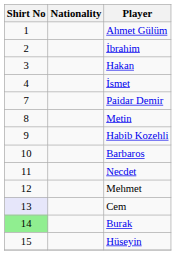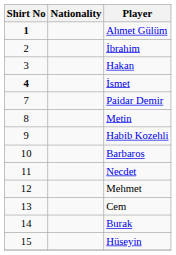 <table class=wikitable style="font-size:95%;">
 <tr>
 <th>Shirt No</th>
 <th>Nationality</th>
 <th>Player</th>
 </tr>
 <tr>
-<td align=center>1</td>
+<td align=center><strong>1</strong></td>
 <td></td>
 <td><a href='#'>Ahmet Gülüm</a></td>
 </tr>
 <tr>
 <td align=center>2</td>
 <td></td>
 <td><a href='#'>İbrahim</a></td>
 </tr>
 <tr>
 <td align=center>3</td>
 <td></td>
 <td><a href='#'>Hakan</a></td>
 </tr>
 <tr>
-<td align=center>4</td>
+<td align=center><strong>4</strong></td>
 <td></td>
 <td><a href='#'>İsmet</a></td>
 </tr>
 <tr>
 <td align=center>7</td>
 <td></td>
 <td><a href='#'>Paidar Demir</a></td>
 </tr>
 <tr>
 <td align=center>8</td>
 <td></td>
 <td><a href='#'>Metin</a></td>
 </tr>
 <tr>
 <td align=center>9</td>
 <td></td>
 <td><a href='#'>Habib Kozehli</a></td>
 </tr>
 <tr>
 <td align=center>10</td>
 <td></td>
 <td><a href='#'>Barbaros</a></td>
 </tr>
 <tr>
 <td align=center>11</td>
 <td></td>
 <td><a href='#'>Necdet</a></td>
 </tr>
 <tr>
 <td align=center>12</td>
 <td></td>
 <td>Mehmet</td>
 </tr>
 <tr>
-<td align=center style="background: lavender;">13</td>
+<td align=center>13</td>
 <td></td>
 <td>Cem</td>
 </tr>
 <tr>
-<td align=center style="background: lightgreen;">14</td>
+<td align=center>14</td>
 <td></td>
 <td><a href='#'>Burak</a></td>
 </tr>
 <tr>
 <td align=center>15</td>
 <td></td>
 <td><a href='#'>Hüseyin</a></td>
 </tr>
 <tr>
 </tr>
 </table>
